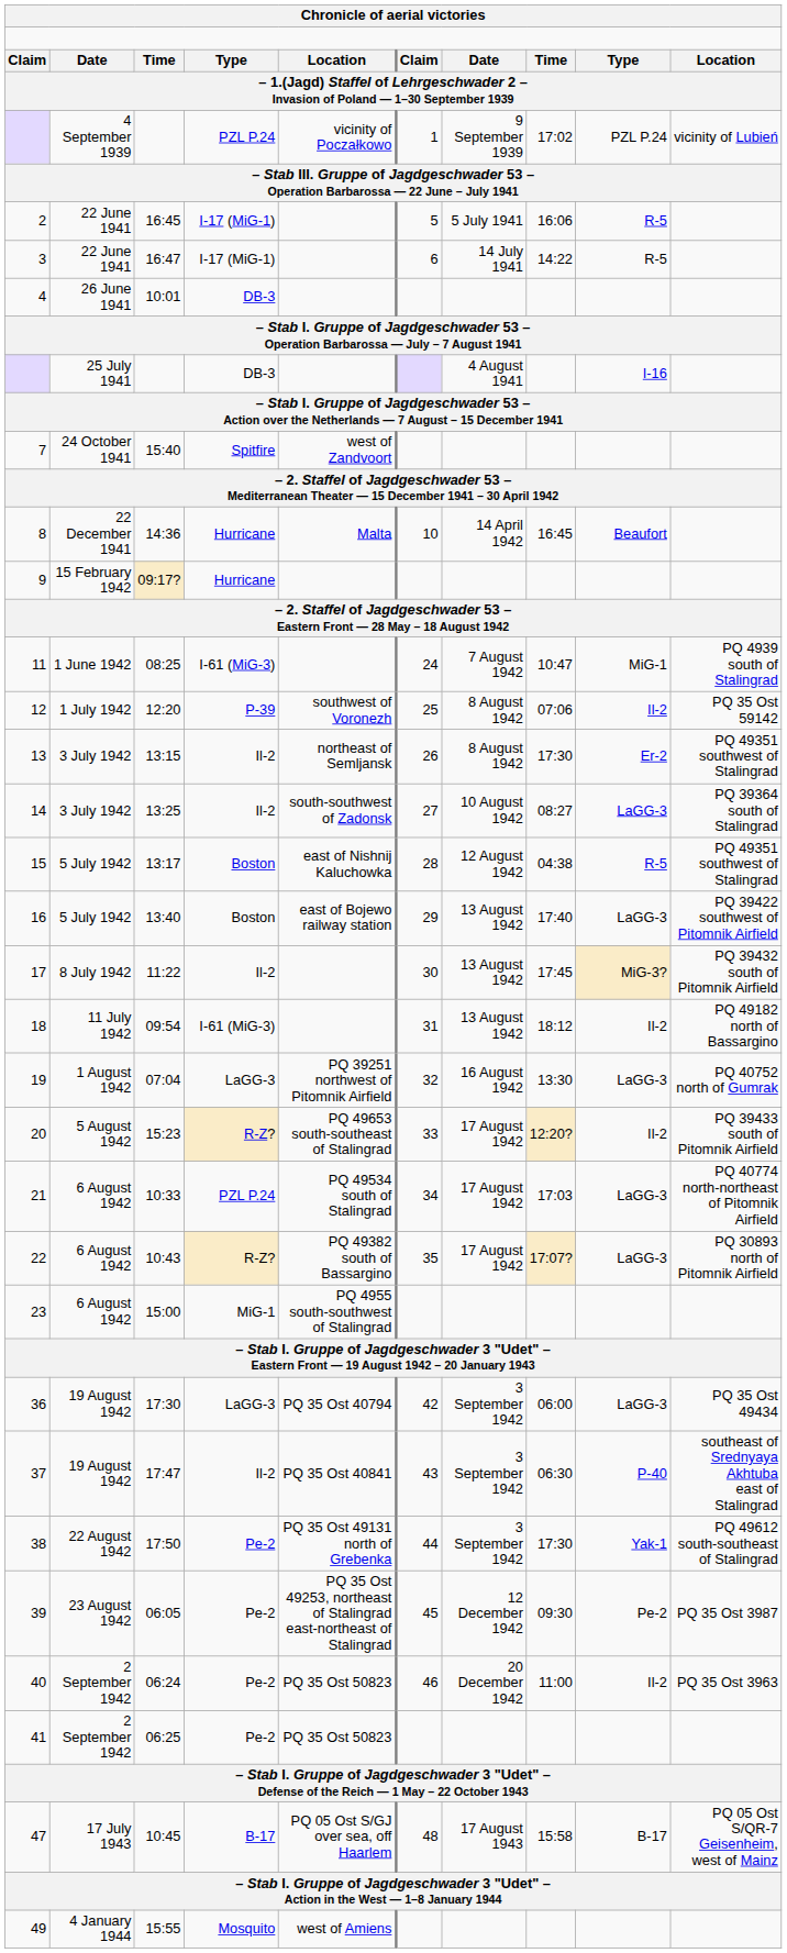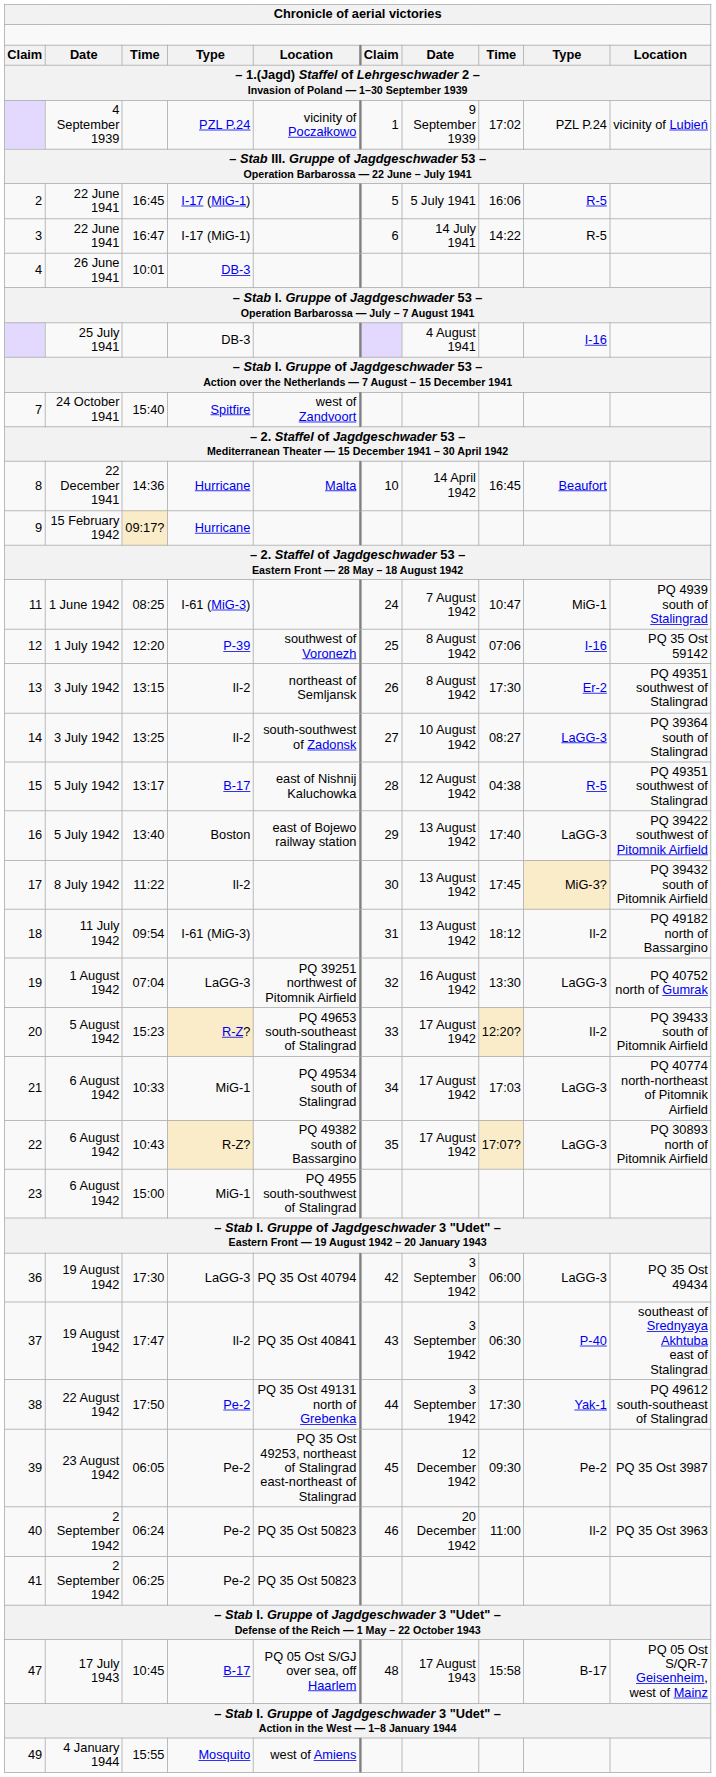 <table class="wikitable plainrowheaders collapsible" style="margin-left: auto; margin-right: auto; border: none; text-align:right; width: 100%;">
 <tr>
 <th colspan="10">Chronicle of aerial victories</th>
 </tr>
 <tr>
 <td colspan="10" style="text-align: left;"><br> </td>
 </tr>
 <tr>
 <th scope="col">Claim</th>
 <th scope="col">Date</th>
 <th scope="col">Time</th>
 <th scope="col" width="100px">Type</th>
 <th scope="col">Location</th>
 <th scope="col" style="border-left: 3px solid grey;">Claim</th>
 <th scope="col">Date</th>
 <th scope="col">Time</th>
 <th scope="col" width="100px">Type</th>
 <th scope="col">Location</th>
 </tr>
 <tr>
 <th colspan="10">– 1.(Jagd) <em>Staffel</em> of <em>Lehrgeschwader</em> 2 –<br><small>Invasion of Poland — 1–30 September 1939</small></th>
 </tr>
 <tr>
 <td style="background:#e3d9ff;"></td>
 <td>4 September 1939</td>
 <td></td>
 <td><a href='#'>PZL P.24</a></td>
 <td>vicinity of <a href='#'>Poczałkowo</a></td>
 <td style="border-left: 3px solid grey;">1</td>
 <td>9 September 1939</td>
 <td>17:02</td>
 <td>PZL P.24</td>
 <td>vicinity of <a href='#'>Lubień</a></td>
 </tr>
 <tr>
 <th colspan="10">– <em>Stab</em> III. <em>Gruppe</em> of <em>Jagdgeschwader</em> 53 –<br><small>Operation Barbarossa — 22 June – July 1941</small></th>
 </tr>
 <tr>
 <td>2</td>
 <td>22 June 1941</td>
 <td>16:45</td>
 <td><a href='#'>I-17</a> (<a href='#'>MiG-1</a>)</td>
 <td></td>
 <td style="border-left: 3px solid grey;">5</td>
 <td>5 July 1941</td>
 <td>16:06</td>
 <td><a href='#'>R-5</a></td>
 <td></td>
 </tr>
 <tr>
 <td>3</td>
 <td>22 June 1941</td>
 <td>16:47</td>
 <td>I-17 (MiG-1)</td>
 <td></td>
 <td style="border-left: 3px solid grey;">6</td>
 <td>14 July 1941</td>
 <td>14:22</td>
 <td>R-5</td>
 <td></td>
 </tr>
 <tr>
 <td>4</td>
 <td>26 June 1941</td>
 <td>10:01</td>
 <td><a href='#'>DB-3</a></td>
 <td></td>
 <td style="border-left: 3px solid grey;"></td>
 <td></td>
 <td></td>
 <td></td>
 <td></td>
 </tr>
 <tr>
 <th colspan="10">– <em>Stab</em> I. <em>Gruppe</em> of <em>Jagdgeschwader</em> 53 –<br><small>Operation Barbarossa — July – 7 August 1941</small></th>
 </tr>
 <tr>
 <td style="background:#e3d9ff;"></td>
 <td>25 July 1941</td>
 <td></td>
 <td>DB-3</td>
 <td></td>
 <td style="border-left: 3px solid grey; background:#e3d9ff;"></td>
 <td>4 August 1941</td>
 <td></td>
 <td><a href='#'>I-16</a></td>
 <td></td>
 </tr>
 <tr>
 <th colspan="10">– <em>Stab</em> I. <em>Gruppe</em> of <em>Jagdgeschwader</em> 53 –<br><small>Action over the Netherlands — 7 August – 15 December 1941</small></th>
 </tr>
 <tr>
 <td>7</td>
 <td>24 October 1941</td>
 <td>15:40</td>
 <td><a href='#'>Spitfire</a></td>
 <td> west of <a href='#'>Zandvoort</a></td>
 <td style="border-left: 3px solid grey;"></td>
 <td></td>
 <td></td>
 <td></td>
 <td></td>
 </tr>
 <tr>
 <th colspan="10">– 2. <em>Staffel</em> of <em>Jagdgeschwader</em> 53 –<br><small>Mediterranean Theater — 15 December 1941 – 30 April 1942</small></th>
 </tr>
 <tr>
 <td>8</td>
 <td>22 December 1941</td>
 <td>14:36</td>
 <td><a href='#'>Hurricane</a></td>
 <td><a href='#'>Malta</a></td>
 <td style="border-left: 3px solid grey;">10</td>
 <td>14 April 1942</td>
 <td>16:45</td>
 <td><a href='#'>Beaufort</a></td>
 <td></td>
 </tr>
 <tr>
 <td>9</td>
 <td>15 February 1942</td>
 <td style="background:#faecc8">09:17?</td>
 <td><a href='#'>Hurricane</a></td>
 <td></td>
 <td style="border-left: 3px solid grey;"></td>
 <td></td>
 <td></td>
 <td></td>
 <td></td>
 </tr>
 <tr>
 <th colspan="10">– 2. <em>Staffel</em> of <em>Jagdgeschwader</em> 53 –<br><small>Eastern Front — 28 May – 18 August 1942</small></th>
 </tr>
 <tr>
 <td>11</td>
 <td>1 June 1942</td>
 <td>08:25</td>
 <td>I-61 (<a href='#'>MiG-3</a>)</td>
 <td></td>
 <td style="border-left: 3px solid grey;">24</td>
 <td>7 August 1942</td>
 <td>10:47</td>
 <td>MiG-1</td>
 <td>PQ 4939<br> south of <a href='#'>Stalingrad</a></td>
 </tr>
 <tr>
 <td>12</td>
 <td>1 July 1942</td>
 <td>12:20</td>
 <td><a href='#'>P-39</a></td>
 <td> southwest of <a href='#'>Voronezh</a></td>
 <td style="border-left: 3px solid grey;">25</td>
 <td>8 August 1942</td>
 <td>07:06</td>
-<td><a href='#'>Il-2</a></td>
+<td><a href='#'>I-16</a></td>
 <td>PQ 35 Ost 59142</td>
 </tr>
 <tr>
 <td>13</td>
 <td>3 July 1942</td>
 <td>13:15</td>
 <td>Il-2</td>
 <td> northeast of Semljansk</td>
 <td style="border-left: 3px solid grey;">26</td>
 <td>8 August 1942</td>
 <td>17:30</td>
 <td><a href='#'>Er-2</a></td>
 <td>PQ 49351<br> southwest of Stalingrad</td>
 </tr>
 <tr>
 <td>14</td>
 <td>3 July 1942</td>
 <td>13:25</td>
 <td>Il-2</td>
 <td> south-southwest of <a href='#'>Zadonsk</a></td>
 <td style="border-left: 3px solid grey;">27</td>
 <td>10 August 1942</td>
 <td>08:27</td>
 <td><a href='#'>LaGG-3</a></td>
 <td>PQ 39364<br> south of Stalingrad</td>
 </tr>
 <tr>
 <td>15</td>
 <td>5 July 1942</td>
 <td>13:17</td>
-<td><a href='#'>Boston</a></td>
+<td><a href='#'>B-17</a></td>
 <td> east of Nishnij Kaluchowka</td>
 <td style="border-left: 3px solid grey;">28</td>
 <td>12 August 1942</td>
 <td>04:38</td>
 <td><a href='#'>R-5</a></td>
 <td>PQ 49351<br> southwest of Stalingrad</td>
 </tr>
 <tr>
 <td>16</td>
 <td>5 July 1942</td>
 <td>13:40</td>
 <td>Boston</td>
 <td> east of Bojewo railway station</td>
 <td style="border-left: 3px solid grey;">29</td>
 <td>13 August 1942</td>
 <td>17:40</td>
 <td>LaGG-3</td>
 <td>PQ 39422<br> southwest of <a href='#'>Pitomnik Airfield</a></td>
 </tr>
 <tr>
 <td>17</td>
 <td>8 July 1942</td>
 <td>11:22</td>
 <td>Il-2</td>
 <td></td>
 <td style="border-left: 3px solid grey;">30</td>
 <td>13 August 1942</td>
 <td>17:45</td>
 <td style="background:#faecc8">MiG-3?</td>
 <td>PQ 39432<br> south of Pitomnik Airfield</td>
 </tr>
 <tr>
 <td>18</td>
 <td>11 July 1942</td>
 <td>09:54</td>
 <td>I-61 (MiG-3)</td>
 <td></td>
 <td style="border-left: 3px solid grey;">31</td>
 <td>13 August 1942</td>
 <td>18:12</td>
 <td>Il-2</td>
 <td>PQ 49182<br> north of Bassargino</td>
 </tr>
 <tr>
 <td>19</td>
 <td>1 August 1942</td>
 <td>07:04</td>
 <td>LaGG-3</td>
 <td>PQ 39251<br> northwest of Pitomnik Airfield</td>
 <td style="border-left: 3px solid grey;">32</td>
 <td>16 August 1942</td>
 <td>13:30</td>
 <td>LaGG-3</td>
 <td>PQ 40752<br> north of <a href='#'>Gumrak</a></td>
 </tr>
 <tr>
 <td>20</td>
 <td>5 August 1942</td>
 <td>15:23</td>
 <td style="background:#faecc8"><a href='#'>R-Z</a>?</td>
 <td>PQ 49653<br> south-southeast of Stalingrad</td>
 <td style="border-left: 3px solid grey;">33</td>
 <td>17 August 1942</td>
 <td style="background:#faecc8">12:20?</td>
 <td>Il-2</td>
 <td>PQ 39433<br> south of Pitomnik Airfield</td>
 </tr>
 <tr>
 <td>21</td>
 <td>6 August 1942</td>
 <td>10:33</td>
-<td><a href='#'>PZL P.24</a></td>
+<td>MiG-1</td>
 <td>PQ 49534<br> south of Stalingrad</td>
 <td style="border-left: 3px solid grey;">34</td>
 <td>17 August 1942</td>
 <td>17:03</td>
 <td>LaGG-3</td>
 <td>PQ 40774<br> north-northeast of Pitomnik Airfield</td>
 </tr>
 <tr>
 <td>22</td>
 <td>6 August 1942</td>
 <td>10:43</td>
 <td style="background:#faecc8">R-Z?</td>
 <td>PQ 49382<br> south of Bassargino</td>
 <td style="border-left: 3px solid grey;">35</td>
 <td>17 August 1942</td>
 <td style="background:#faecc8">17:07?</td>
 <td>LaGG-3</td>
 <td>PQ 30893<br> north of Pitomnik Airfield</td>
 </tr>
 <tr>
 <td>23</td>
 <td>6 August 1942</td>
 <td>15:00</td>
 <td>MiG-1</td>
 <td>PQ 4955<br> south-southwest of Stalingrad</td>
 <td style="border-left: 3px solid grey;"></td>
 <td></td>
 <td></td>
 <td></td>
 <td></td>
 </tr>
 <tr>
 <th colspan="10">– <em>Stab</em> I. <em>Gruppe</em> of <em>Jagdgeschwader</em> 3 "Udet" –<br><small>Eastern Front — 19 August 1942 – 20 January 1943</small></th>
 </tr>
 <tr>
 <td>36</td>
 <td>19 August 1942</td>
 <td>17:30</td>
 <td>LaGG-3</td>
 <td>PQ 35 Ost 40794</td>
 <td style="border-left: 3px solid grey;">42</td>
 <td>3 September 1942</td>
 <td>06:00</td>
 <td>LaGG-3</td>
 <td>PQ 35 Ost 49434</td>
 </tr>
 <tr>
 <td>37</td>
 <td>19 August 1942</td>
 <td>17:47</td>
 <td>Il-2</td>
 <td>PQ 35 Ost 40841</td>
 <td style="border-left: 3px solid grey;">43</td>
 <td>3 September 1942</td>
 <td>06:30</td>
 <td><a href='#'>P-40</a></td>
 <td> southeast of <a href='#'>Srednyaya Akhtuba</a><br> east of Stalingrad</td>
 </tr>
 <tr>
 <td>38</td>
 <td>22 August 1942</td>
 <td>17:50</td>
 <td><a href='#'>Pe-2</a></td>
 <td>PQ 35 Ost 49131<br> north of <a href='#'>Grebenka</a></td>
 <td style="border-left: 3px solid grey;">44</td>
 <td>3 September 1942</td>
 <td>17:30</td>
 <td><a href='#'>Yak-1</a></td>
 <td>PQ 49612<br> south-southeast of Stalingrad</td>
 </tr>
 <tr>
 <td>39</td>
 <td>23 August 1942</td>
 <td>06:05</td>
 <td>Pe-2</td>
 <td>PQ 35 Ost 49253, northeast of Stalingrad<br> east-northeast of Stalingrad</td>
 <td style="border-left: 3px solid grey;">45</td>
 <td>12 December 1942</td>
 <td>09:30</td>
 <td>Pe-2</td>
 <td>PQ 35 Ost 3987</td>
 </tr>
 <tr>
 <td>40</td>
 <td>2 September 1942</td>
 <td>06:24</td>
 <td>Pe-2</td>
 <td>PQ 35 Ost 50823</td>
 <td style="border-left: 3px solid grey;">46</td>
 <td>20 December 1942</td>
 <td>11:00</td>
 <td>Il-2</td>
 <td>PQ 35 Ost 3963</td>
 </tr>
 <tr>
 <td>41</td>
 <td>2 September 1942</td>
 <td>06:25</td>
 <td>Pe-2</td>
 <td>PQ 35 Ost 50823</td>
 <td style="border-left: 3px solid grey;"></td>
 <td></td>
 <td></td>
 <td></td>
 <td></td>
 </tr>
 <tr>
 <th colspan="10">– <em>Stab</em> I. <em>Gruppe</em> of <em>Jagdgeschwader</em> 3 "Udet" –<br><small>Defense of the Reich — 1 May – 22 October 1943</small></th>
 </tr>
 <tr>
 <td>47</td>
 <td>17 July 1943</td>
 <td>10:45</td>
 <td><a href='#'>B-17</a></td>
 <td>PQ 05 Ost S/GJ<br>over sea, off <a href='#'>Haarlem</a></td>
 <td style="border-left: 3px solid grey;">48</td>
 <td>17 August 1943</td>
 <td>15:58</td>
 <td>B-17</td>
 <td>PQ 05 Ost S/QR-7<br><a href='#'>Geisenheim</a>, west of <a href='#'>Mainz</a></td>
 </tr>
 <tr>
 <th colspan="10">– <em>Stab</em> I. <em>Gruppe</em> of <em>Jagdgeschwader</em> 3 "Udet" –<br><small>Action in the West — 1–8 January 1944</small></th>
 </tr>
 <tr>
 <td>49</td>
 <td>4 January 1944</td>
 <td>15:55</td>
 <td><a href='#'>Mosquito</a></td>
 <td>west of <a href='#'>Amiens</a></td>
 <td style="border-left: 3px solid grey;"></td>
 <td></td>
 <td></td>
 <td></td>
 <td></td>
 </tr>
 </table>
